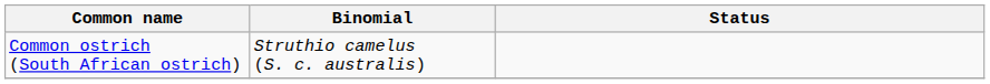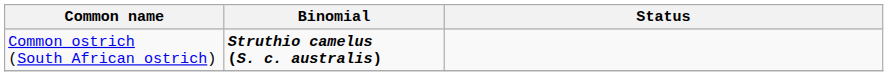 <table width=60% class="wikitable">
 <tr>
 <th width=25%>Common name</th>
 <th width=25%>Binomial</th>
 <th width=50%>Status</th>
 </tr>
 <tr>
 <td><a href='#'>Common ostrich</a><br>(<a href='#'>South African ostrich</a>)<br></td>
-<td><em>Struthio camelus</em><br>(<em>S. c. australis</em>)<br></td>
+<td><strong><em>Struthio camelus</em><br>(<em>S. c. australis</em>)<br></strong></td>
 <td></td>
 </tr>
 <tr>
 </tr>
 </table>
